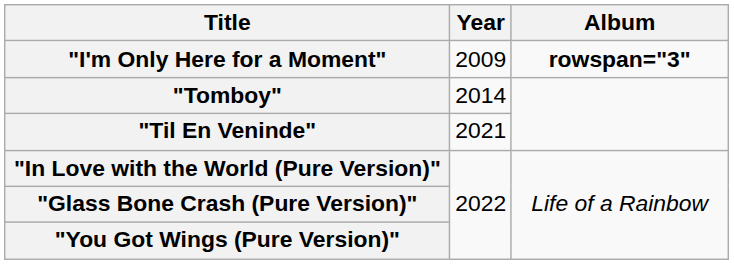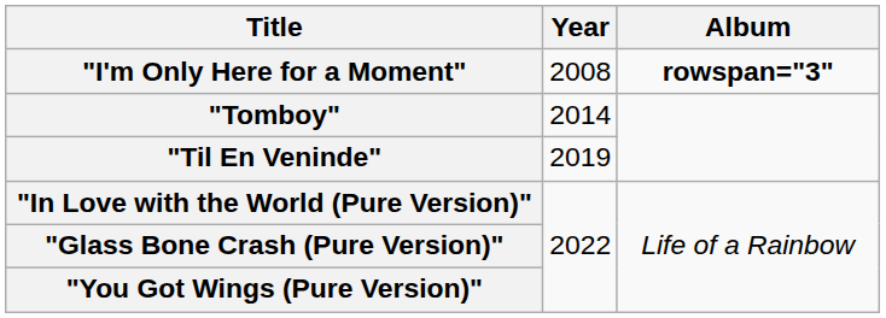 <table class="wikitable plainrowheaders" style="text-align:center;">
 <tr>
 <th scope="col" style="width:19em;">Title</th>
 <th scope="col" style="width:1em;">Year</th>
 <th scope="col" style="width:9em;">Album</th>
 </tr>
 <tr>
 <th scope="row">"I'm Only Here for a Moment"</th>
-<td>2009</td>
+<td>2008</td>
 <td><strong>rowspan="3" </strong></td>
 </tr>
 <tr>
 <th scope="row">"Tomboy"</th>
 <td>2014</td>
 </tr>
 <tr>
 <th scope="row">"Til En Veninde"</th>
-<td>2021</td>
+<td>2019</td>
 </tr>
 <tr>
 <th scope="row">"In Love with the World (Pure Version)"</th>
 <td rowspan="3">2022</td>
 <td rowspan="3"><em>Life of a Rainbow</em></td>
 </tr>
 <tr>
 <th scope="row">"Glass Bone Crash (Pure Version)"</th>
 </tr>
 <tr>
 <th scope="row">"You Got Wings (Pure Version)"</th>
 </tr>
 </table>
